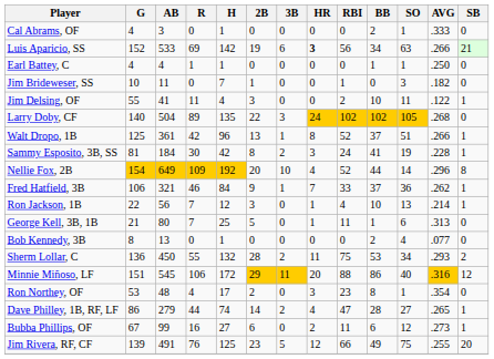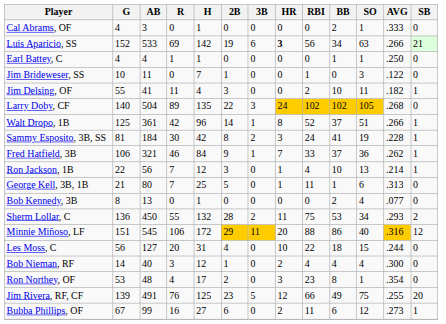 <table class="wikitable sortable">
 <tr>
 <th width="24%">Player</th>
 <th width="6%">G</th>
 <th width="6%">AB</th>
 <th width="6%">R</th>
 <th width="6%">H</th>
 <th width="6%">2B</th>
 <th width="6%">3B</th>
 <th width="6%">HR</th>
 <th width="6%">RBI</th>
 <th width="6%">BB</th>
 <th width="6%">SO</th>
 <th width="6%">AVG</th>
 <th width="6%">SB</th>
 </tr>
 <tr>
 <td><a href='#'>Cal Abrams</a>, OF</td>
 <td>4</td>
 <td>3</td>
 <td>0</td>
 <td>1</td>
 <td>0</td>
 <td>0</td>
 <td>0</td>
 <td>0</td>
 <td>2</td>
 <td>1</td>
 <td>.333</td>
 <td>0</td>
 </tr>
 <tr>
 <td><a href='#'>Luis Aparicio</a>, SS</td>
 <td>152</td>
 <td>533</td>
 <td>69</td>
 <td>142</td>
 <td>19</td>
 <td>6</td>
 <td><strong>3</strong></td>
 <td>56</td>
 <td>34</td>
 <td>63</td>
 <td>.266</td>
 <td style="background:#DDFFDD;">21</td>
 </tr>
 <tr>
 <td><a href='#'>Earl Battey</a>, C</td>
 <td>4</td>
 <td>4</td>
 <td>1</td>
 <td>1</td>
 <td>0</td>
 <td>0</td>
 <td>0</td>
 <td>0</td>
 <td>1</td>
 <td>1</td>
 <td>.250</td>
 <td>0</td>
 </tr>
 <tr>
 <td><a href='#'>Jim Brideweser</a>, SS</td>
 <td>10</td>
 <td>11</td>
 <td>0</td>
 <td>7</td>
 <td>1</td>
 <td>0</td>
 <td>0</td>
 <td>1</td>
 <td>0</td>
 <td>3</td>
-<td>.182</td>
+<td>.122</td>
 <td>0</td>
 </tr>
 <tr>
 <td><a href='#'>Jim Delsing</a>, OF</td>
 <td>55</td>
 <td>41</td>
 <td>11</td>
 <td>4</td>
 <td>3</td>
 <td>0</td>
 <td>0</td>
 <td>2</td>
 <td>10</td>
 <td>11</td>
-<td>.122</td>
+<td>.182</td>
 <td>1</td>
 </tr>
 <tr>
 <td><a href='#'>Larry Doby</a>, CF</td>
 <td>140</td>
 <td>504</td>
 <td>89</td>
 <td>135</td>
 <td>22</td>
 <td>3</td>
 <td style="background:#fc0;">24</td>
 <td style="background:#fc0;">102</td>
 <td style="background:#fc0;">102</td>
 <td style="background:#fc0;">105</td>
 <td>.268</td>
 <td>0</td>
 </tr>
 <tr>
 <td><a href='#'>Walt Dropo</a>, 1B</td>
 <td>125</td>
 <td>361</td>
 <td>42</td>
 <td>96</td>
-<td>13</td>
+<td>14</td>
 <td>1</td>
 <td>8</td>
 <td>52</td>
 <td>37</td>
 <td>51</td>
 <td>.266</td>
 <td>1</td>
 </tr>
 <tr>
 <td><a href='#'>Sammy Esposito</a>, 3B, SS</td>
 <td>81</td>
 <td>184</td>
 <td>30</td>
 <td>42</td>
 <td>8</td>
 <td>2</td>
 <td>3</td>
 <td>24</td>
 <td>41</td>
 <td>19</td>
 <td>.228</td>
 <td>1</td>
-</tr>
-<tr>
-<td><a href='#'>Nellie Fox</a>, 2B</td>
-<td style="background:#fc0;">154</td>
-<td style="background:#fc0;">649</td>
-<td style="background:#fc0;">109</td>
-<td style="background:#fc0;">192</td>
-<td>20</td>
-<td>10</td>
-<td>4</td>
-<td>52</td>
-<td>44</td>
-<td>14</td>
-<td>.296</td>
-<td>8</td>
 </tr>
 <tr>
 <td><a href='#'>Fred Hatfield</a>, 3B</td>
 <td>106</td>
 <td>321</td>
 <td>46</td>
 <td>84</td>
 <td>9</td>
 <td>1</td>
 <td>7</td>
 <td>33</td>
 <td>37</td>
 <td>36</td>
 <td>.262</td>
 <td>1</td>
 </tr>
 <tr>
 <td><a href='#'>Ron Jackson</a>, 1B</td>
 <td>22</td>
 <td>56</td>
 <td>7</td>
 <td>12</td>
 <td>3</td>
 <td>0</td>
 <td>1</td>
 <td>4</td>
 <td>10</td>
 <td>13</td>
 <td>.214</td>
 <td>1</td>
 </tr>
 <tr>
 <td><a href='#'>George Kell</a>, 3B, 1B</td>
 <td>21</td>
 <td>80</td>
 <td>7</td>
 <td>25</td>
 <td>5</td>
 <td>0</td>
 <td>1</td>
 <td>11</td>
 <td>1</td>
 <td>6</td>
 <td>.313</td>
 <td>0</td>
 </tr>
 <tr>
 <td><a href='#'>Bob Kennedy</a>, 3B</td>
 <td>8</td>
 <td>13</td>
 <td>0</td>
 <td>1</td>
 <td>0</td>
 <td>0</td>
 <td>0</td>
 <td>0</td>
 <td>2</td>
 <td>4</td>
 <td>.077</td>
 <td>0</td>
 </tr>
 <tr>
 <td><a href='#'>Sherm Lollar</a>, C</td>
 <td>136</td>
 <td>450</td>
 <td>55</td>
 <td>132</td>
 <td>28</td>
 <td>2</td>
 <td>11</td>
 <td>75</td>
 <td>53</td>
 <td>34</td>
 <td>.293</td>
 <td>2</td>
 </tr>
 <tr>
 <td><a href='#'>Minnie Miñoso</a>, LF</td>
 <td>151</td>
 <td>545</td>
 <td>106</td>
 <td>172</td>
 <td style="background:#fc0;">29</td>
 <td style="background:#fc0;">11</td>
 <td>20</td>
 <td>88</td>
 <td>86</td>
 <td>40</td>
 <td style="background:#fc0;">.316</td>
 <td>12</td>
 </tr>
 <tr>
+<td><a href='#'>Les Moss</a>, C</td>
+<td>56</td>
+<td>127</td>
+<td>20</td>
+<td>31</td>
+<td>4</td>
+<td>0</td>
+<td>10</td>
+<td>22</td>
+<td>18</td>
+<td>15</td>
+<td>.244</td>
+<td>0</td>
+</tr>
+<tr>
+<td><a href='#'>Bob Nieman</a>, RF</td>
+<td>14</td>
+<td>40</td>
+<td>3</td>
+<td>12</td>
+<td>1</td>
+<td>0</td>
+<td>2</td>
+<td>4</td>
+<td>4</td>
+<td>4</td>
+<td>.300</td>
+<td>0</td>
+</tr>
+<tr>
 <td><a href='#'>Ron Northey</a>, OF</td>
 <td>53</td>
 <td>48</td>
 <td>4</td>
 <td>17</td>
 <td>2</td>
 <td>0</td>
 <td>3</td>
 <td>23</td>
 <td>8</td>
 <td>1</td>
 <td>.354</td>
 <td>0</td>
 </tr>
 <tr>
-<td><a href='#'>Dave Philley</a>, 1B, RF, LF</td>
-<td>86</td>
-<td>279</td>
-<td>44</td>
-<td>74</td>
-<td>14</td>
-<td>2</td>
-<td>4</td>
-<td>47</td>
-<td>28</td>
-<td>27</td>
-<td>.265</td>
-<td>1</td>
+<td><a href='#'>Jim Rivera</a>, RF, CF</td>
+<td>139</td>
+<td>491</td>
+<td>76</td>
+<td>125</td>
+<td>23</td>
+<td>5</td>
+<td>12</td>
+<td>66</td>
+<td>49</td>
+<td>75</td>
+<td>.255</td>
+<td>20</td>
 </tr>
 <tr>
 <td><a href='#'>Bubba Phillips</a>, OF</td>
 <td>67</td>
 <td>99</td>
 <td>16</td>
 <td>27</td>
 <td>6</td>
 <td>0</td>
 <td>2</td>
 <td>11</td>
 <td>6</td>
 <td>12</td>
 <td>.273</td>
 <td>1</td>
 </tr>
 <tr>
-<td><a href='#'>Jim Rivera</a>, RF, CF</td>
-<td>139</td>
-<td>491</td>
-<td>76</td>
-<td>125</td>
-<td>23</td>
-<td>5</td>
-<td>12</td>
-<td>66</td>
-<td>49</td>
-<td>75</td>
-<td>.255</td>
-<td>20</td>
-</tr>
-<tr>
 </tr>
 </table>
